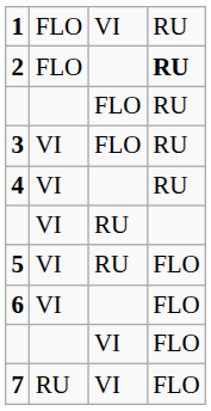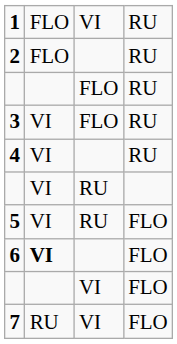 <table class="wikitable" align="left">
 <tr>
 <td><strong>1</strong></td>
 <td>FLO</td>
 <td>VI</td>
 <td>RU</td>
 </tr>
 <tr>
 <td><strong>2</strong></td>
 <td>FLO</td>
 <td></td>
-<td><strong>RU</strong></td>
+<td>RU</td>
 </tr>
 <tr>
 <td></td>
 <td></td>
 <td>FLO</td>
 <td>RU</td>
 </tr>
 <tr>
 <td><strong>3</strong></td>
 <td>VI</td>
 <td>FLO</td>
 <td>RU</td>
 </tr>
 <tr>
 <td><strong>4</strong></td>
 <td>VI</td>
 <td></td>
 <td>RU</td>
 </tr>
 <tr>
 <td></td>
 <td>VI</td>
 <td>RU</td>
 <td></td>
 </tr>
 <tr>
 <td><strong>5</strong></td>
 <td>VI</td>
 <td>RU</td>
 <td>FLO</td>
 </tr>
 <tr>
 <td><strong>6</strong></td>
-<td>VI</td>
+<td><strong>VI</strong></td>
 <td></td>
 <td>FLO</td>
 </tr>
 <tr>
 <td></td>
 <td></td>
 <td>VI</td>
 <td>FLO</td>
 </tr>
 <tr>
 <td><strong>7</strong></td>
 <td>RU</td>
 <td>VI</td>
 <td>FLO</td>
 </tr>
 </table>
